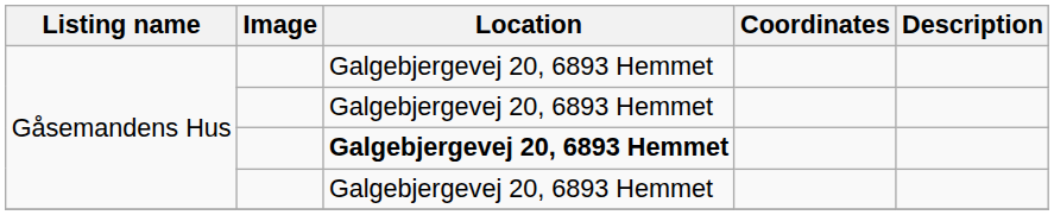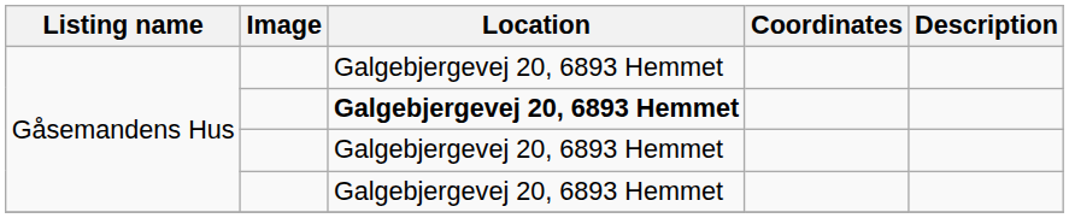 <table class="wikitable sortable">
 <tr>
 <th>Listing name</th>
 <th>Image</th>
 <th>Location</th>
 <th>Coordinates</th>
 <th>Description</th>
 </tr>
 <tr>
 <td rowspan="4">Gåsemandens Hus</td>
-<td></td>
-<td>Galgebjergevej 20, 6893 Hemmet</td>
-<td></td>
-<td></td>
-</tr>
-<tr>
 <td></td>
 <td>Galgebjergevej 20, 6893 Hemmet</td>
 <td></td>
 <td></td>
 </tr>
 <tr>
 <td></td>
 <td><strong>Galgebjergevej 20, 6893 Hemmet</strong></td>
 <td></td>
 <td></td>
 </tr>
 <tr>
 <td></td>
 <td>Galgebjergevej 20, 6893 Hemmet</td>
 <td></td>
 <td></td>
 </tr>
 <tr>
+<td></td>
+<td>Galgebjergevej 20, 6893 Hemmet</td>
+<td></td>
+<td></td>
+</tr>
+<tr>
 </tr>
 </table>
